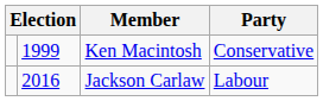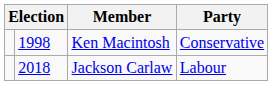 <table class="wikitable">
 <tr>
 <th colspan="2">Election</th>
 <th>Member</th>
 <th>Party</th>
 </tr>
 <tr>
 <td style="background-color: "></td>
-<td><a href='#'>1999</a></td>
+<td><a href='#'>1998</a></td>
 <td><a href='#'>Ken Macintosh</a></td>
 <td><a href='#'>Conservative</a></td>
 </tr>
 <tr>
 <td style="background-color: "></td>
-<td><a href='#'>2016</a></td>
+<td><a href='#'>2018</a></td>
 <td><a href='#'>Jackson Carlaw</a></td>
 <td><a href='#'>Labour</a></td>
 </tr>
 <tr>
 </tr>
 </table>
